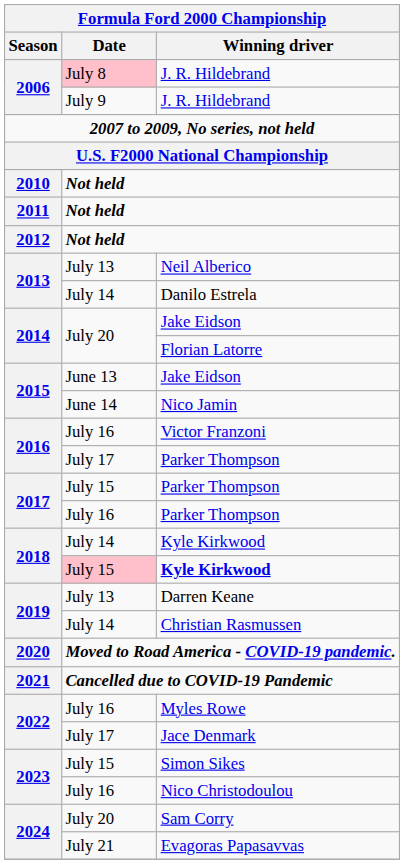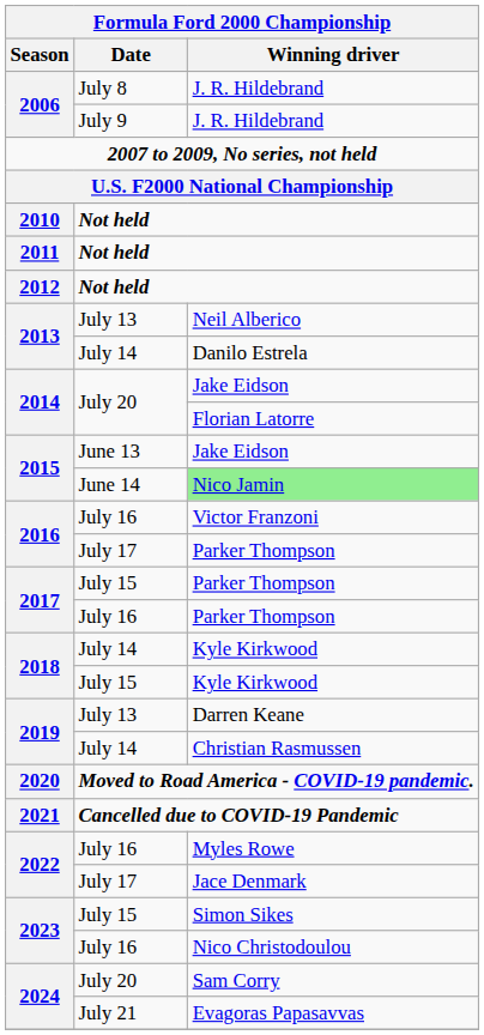 <table class="wikitable" style="font-size: 95%;">
 <tr>
 <th colspan="3"><a href='#'>Formula Ford 2000 Championship</a></th>
 </tr>
 <tr>
 <th>Season</th>
 <th>Date</th>
 <th>Winning driver</th>
 </tr>
 <tr>
 <th rowspan="2"><a href='#'>2006</a></th>
-<td style="background: pink;">July 8</td>
+<td>July 8</td>
 <td> <a href='#'>J. R. Hildebrand</a></td>
 </tr>
 <tr>
 <td>July 9</td>
 <td> <a href='#'>J. R. Hildebrand</a></td>
 </tr>
 <tr>
 <td align="center" colspan="3"><strong><em>2007 to 2009, No series, not held</em></strong></td>
 </tr>
 <tr>
 <th colspan="3"><a href='#'>U.S. F2000 National Championship</a></th>
 </tr>
 <tr>
 <th><a href='#'>2010</a></th>
 <td colspan="2"><strong><em>Not held</em></strong></td>
 </tr>
 <tr>
 <th><a href='#'>2011</a></th>
 <td colspan="2"><strong><em>Not held</em></strong></td>
 </tr>
 <tr>
 <th><a href='#'>2012</a></th>
 <td colspan="2"><strong><em>Not held</em></strong></td>
 </tr>
 <tr>
 <th rowspan="2"><a href='#'>2013</a></th>
 <td>July 13</td>
 <td> <a href='#'>Neil Alberico</a></td>
 </tr>
 <tr>
 <td>July 14</td>
 <td> Danilo Estrela</td>
 </tr>
 <tr>
 <th rowspan="2"><a href='#'>2014</a></th>
 <td rowspan="2">July 20</td>
 <td> <a href='#'>Jake Eidson</a></td>
 </tr>
 <tr>
 <td> <a href='#'>Florian Latorre</a></td>
 </tr>
 <tr>
 <th rowspan="2"><a href='#'>2015</a></th>
 <td>June 13</td>
 <td> <a href='#'>Jake Eidson</a></td>
 </tr>
 <tr>
 <td>June 14</td>
-<td> <a href='#'>Nico Jamin</a></td>
+<td style="background: lightgreen;"> <a href='#'>Nico Jamin</a></td>
 </tr>
 <tr>
 <th rowspan="2"><a href='#'>2016</a></th>
 <td>July 16</td>
 <td> <a href='#'>Victor Franzoni</a></td>
 </tr>
 <tr>
 <td>July 17</td>
 <td> <a href='#'>Parker Thompson</a></td>
 </tr>
 <tr>
 <th rowspan="2"><a href='#'>2017</a></th>
 <td>July 15</td>
 <td> <a href='#'>Parker Thompson</a></td>
 </tr>
 <tr>
 <td>July 16</td>
 <td> <a href='#'>Parker Thompson</a></td>
 </tr>
 <tr>
 <th rowspan="2"><a href='#'>2018</a></th>
 <td>July 14</td>
 <td> <a href='#'>Kyle Kirkwood</a></td>
 </tr>
 <tr>
-<td style="background: pink;">July 15</td>
-<td><strong> <a href='#'>Kyle Kirkwood</a></strong></td>
+<td>July 15</td>
+<td> <a href='#'>Kyle Kirkwood</a></td>
 </tr>
 <tr>
 <th rowspan="2"><a href='#'>2019</a></th>
 <td>July 13</td>
 <td> Darren Keane</td>
 </tr>
 <tr>
 <td>July 14</td>
 <td> <a href='#'>Christian Rasmussen</a></td>
 </tr>
 <tr>
 <th><a href='#'>2020</a></th>
 <td colspan="2"><strong><em>Moved to Road America - <a href='#'>COVID-19 pandemic</a>.</em></strong></td>
 </tr>
 <tr>
 <th><a href='#'>2021</a></th>
 <td colspan="2"><strong><em>Cancelled due to COVID-19 Pandemic</em></strong></td>
 </tr>
 <tr>
 <th rowspan="2"><a href='#'>2022</a></th>
 <td>July 16</td>
 <td> <a href='#'>Myles Rowe</a></td>
 </tr>
 <tr>
 <td>July 17</td>
 <td> <a href='#'>Jace Denmark</a></td>
 </tr>
 <tr>
 <th rowspan="2"><a href='#'>2023</a></th>
 <td>July 15</td>
 <td> <a href='#'>Simon Sikes</a></td>
 </tr>
 <tr>
 <td>July 16</td>
 <td> <a href='#'>Nico Christodoulou</a></td>
 </tr>
 <tr>
 <th rowspan="2"><a href='#'>2024</a></th>
 <td>July 20</td>
 <td> <a href='#'>Sam Corry</a></td>
 </tr>
 <tr>
 <td>July 21</td>
 <td> <a href='#'>Evagoras Papasavvas</a></td>
 </tr>
 <tr>
 </tr>
 </table>
